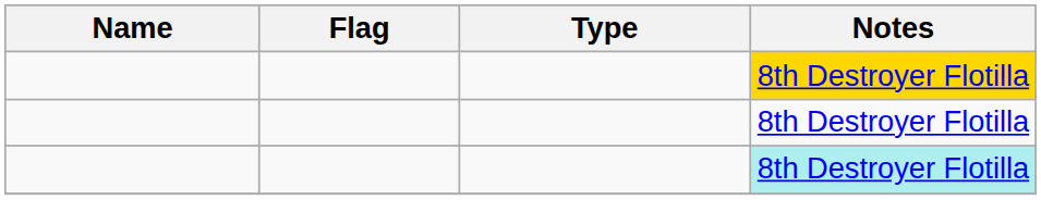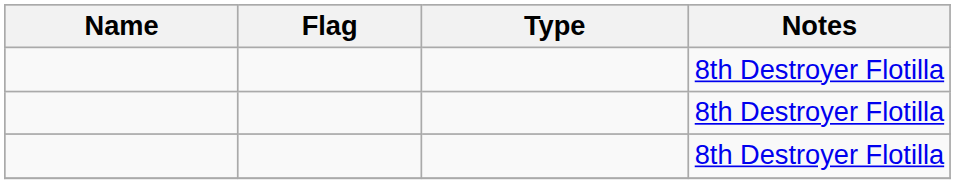 <table class="wikitable sortable">
 <tr>
 <th scope="col" width="130px">Name</th>
 <th scope="col" width="100px">Flag</th>
 <th scope="col" width="150px">Type</th>
 <th>Notes</th>
 </tr>
 <tr>
 <td align="left"></td>
 <td align="left"></td>
 <td align="left"></td>
-<td align="left" style="background: gold;"><a href='#'>8th Destroyer Flotilla</a></td>
+<td align="left"><a href='#'>8th Destroyer Flotilla</a></td>
 </tr>
 <tr>
 <td align="left"></td>
 <td align="left"></td>
 <td align="left"></td>
 <td align="left"><a href='#'>8th Destroyer Flotilla</a></td>
 </tr>
 <tr>
 <td align="left"></td>
 <td align="left"></td>
 <td align="left"></td>
-<td align="left" style="background: paleturquoise;"><a href='#'>8th Destroyer Flotilla</a></td>
+<td align="left"><a href='#'>8th Destroyer Flotilla</a></td>
 </tr>
 <tr>
 </tr>
 </table>
